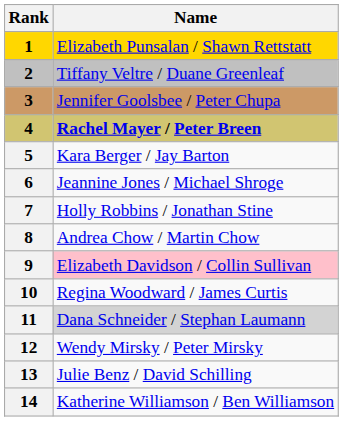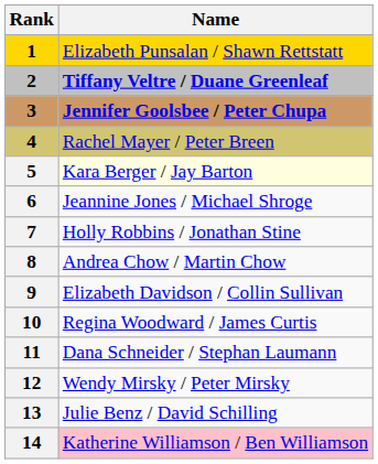 <table class="wikitable">
 <tr>
 <th>Rank</th>
 <th>Name</th>
 </tr>
 <tr bgcolor="gold">
 <td align="center"><strong>1</strong></td>
 <td><a href='#'>Elizabeth Punsalan</a> / <a href='#'>Shawn Rettstatt</a></td>
 </tr>
 <tr bgcolor="silver">
 <td align="center"><strong>2</strong></td>
-<td><a href='#'>Tiffany Veltre</a> / <a href='#'>Duane Greenleaf</a></td>
+<td><strong><a href='#'>Tiffany Veltre</a> / <a href='#'>Duane Greenleaf</a></strong></td>
 </tr>
 <tr bgcolor="cc9966">
 <td align="center"><strong>3</strong></td>
-<td><a href='#'>Jennifer Goolsbee</a> / <a href='#'>Peter Chupa</a></td>
+<td><strong><a href='#'>Jennifer Goolsbee</a> / <a href='#'>Peter Chupa</a></strong></td>
 </tr>
 <tr bgcolor="#d1c571">
 <td align="center"><strong>4</strong></td>
-<td><strong><a href='#'>Rachel Mayer</a> / <a href='#'>Peter Breen</a></strong></td>
+<td><a href='#'>Rachel Mayer</a> / <a href='#'>Peter Breen</a></td>
 </tr>
 <tr>
 <th>5</th>
-<td><a href='#'>Kara Berger</a> / <a href='#'>Jay Barton</a></td>
+<td style="background: lightyellow;"><a href='#'>Kara Berger</a> / <a href='#'>Jay Barton</a></td>
 </tr>
 <tr>
 <th>6</th>
 <td><a href='#'>Jeannine Jones</a> / <a href='#'>Michael Shroge</a></td>
 </tr>
 <tr>
 <th>7</th>
 <td><a href='#'>Holly Robbins</a> / <a href='#'>Jonathan Stine</a></td>
 </tr>
 <tr>
 <th>8</th>
 <td><a href='#'>Andrea Chow</a> / <a href='#'>Martin Chow</a></td>
 </tr>
 <tr>
 <th>9</th>
-<td style="background: pink;"><a href='#'>Elizabeth Davidson</a> / <a href='#'>Collin Sullivan</a></td>
+<td><a href='#'>Elizabeth Davidson</a> / <a href='#'>Collin Sullivan</a></td>
 </tr>
 <tr>
 <th>10</th>
 <td><a href='#'>Regina Woodward</a> / <a href='#'>James Curtis</a></td>
 </tr>
 <tr>
 <th>11</th>
-<td style="background: lightgrey;"><a href='#'>Dana Schneider</a> / <a href='#'>Stephan Laumann</a></td>
+<td><a href='#'>Dana Schneider</a> / <a href='#'>Stephan Laumann</a></td>
 </tr>
 <tr>
 <th>12</th>
 <td><a href='#'>Wendy Mirsky</a> / <a href='#'>Peter Mirsky</a></td>
 </tr>
 <tr>
 <th>13</th>
 <td><a href='#'>Julie Benz</a> / <a href='#'>David Schilling</a></td>
 </tr>
 <tr>
 <th>14</th>
-<td><a href='#'>Katherine Williamson</a> / <a href='#'>Ben Williamson</a></td>
+<td style="background: pink;"><a href='#'>Katherine Williamson</a> / <a href='#'>Ben Williamson</a></td>
 </tr>
 </table>
